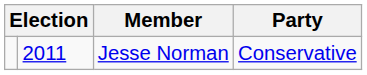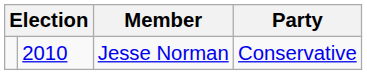 <table class="wikitable">
 <tr>
 <th colspan="2">Election</th>
 <th>Member</th>
 <th>Party</th>
 </tr>
 <tr>
 <td style="color:inherit;background-color: "></td>
-<td><a href='#'>2011</a></td>
+<td><a href='#'>2010</a></td>
 <td><a href='#'>Jesse Norman</a></td>
 <td><a href='#'>Conservative</a></td>
 </tr>
 </table>
